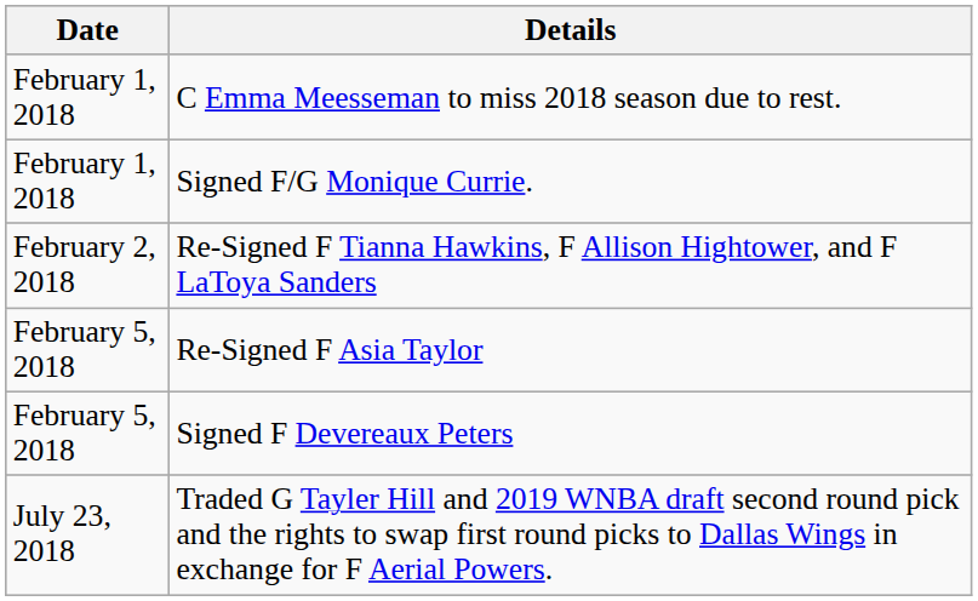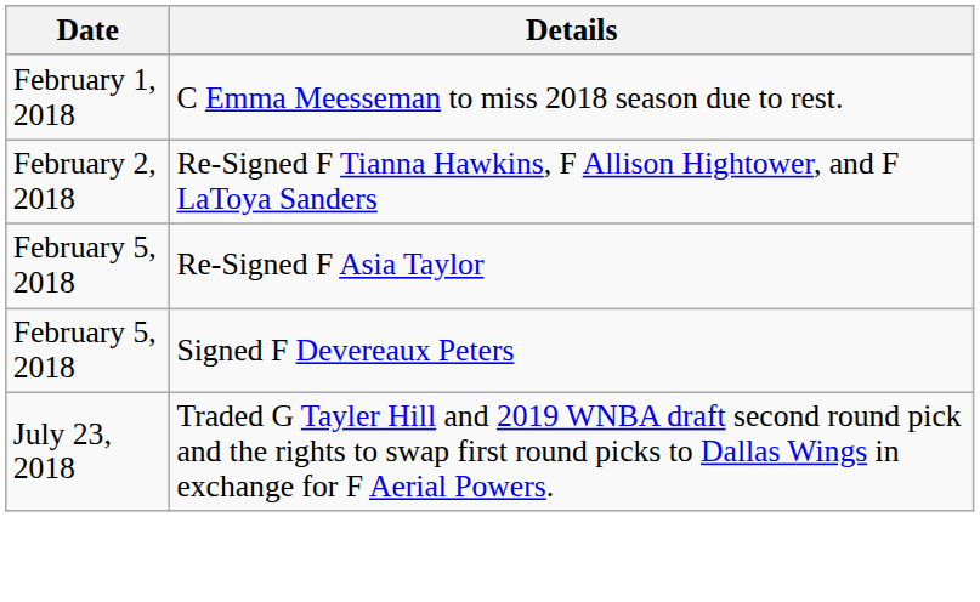 <table class="wikitable" style="width:80%">
 <tr>
 <th>Date</th>
 <th>Details</th>
 </tr>
 <tr>
 <td>February 1, 2018</td>
 <td>C <a href='#'>Emma Meesseman</a> to miss 2018 season due to rest.</td>
-</tr>
-<tr>
-<td>February 1, 2018</td>
-<td>Signed F/G <a href='#'>Monique Currie</a>.</td>
 </tr>
 <tr>
 <td>February 2, 2018</td>
 <td>Re-Signed F <a href='#'>Tianna Hawkins</a>, F <a href='#'>Allison Hightower</a>, and F <a href='#'>LaToya Sanders</a></td>
 </tr>
 <tr>
 <td>February 5, 2018</td>
 <td>Re-Signed F <a href='#'>Asia Taylor</a></td>
 </tr>
 <tr>
 <td>February 5, 2018</td>
 <td>Signed F <a href='#'>Devereaux Peters</a></td>
 </tr>
 <tr>
 <td>July 23, 2018</td>
 <td>Traded G <a href='#'>Tayler Hill</a> and <a href='#'>2019 WNBA draft</a> second round pick and the rights to swap first round picks to <a href='#'>Dallas Wings</a> in exchange for F <a href='#'>Aerial Powers</a>.</td>
 </tr>
 </table>
